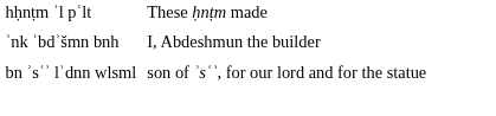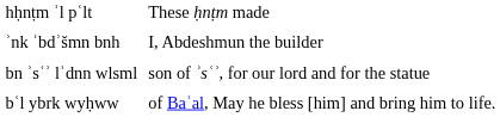 <table cellpadding="5" style="border-style:none; border-collapse:collapse; font-family: Aegean, 'MPH 2B Damase', Code2001, 'Free Sans';">
 <tr>
 <td align="right" style="font-size:130%;"></td>
 <td></td>
 <td>hḥnṭm ʾl pʿlt</td>
 <td>These <em>ḥnṭm</em> made</td>
 </tr>
 <tr>
 <td align="right" style="font-size:130%;"></td>
 <td></td>
 <td>ʾnk ʿbdʾšmn bnh</td>
 <td>I, Abdeshmun the builder</td>
 </tr>
 <tr>
 <td align="right" style="font-size:130%;"></td>
 <td></td>
 <td>bn ʾsʿʾ lʾdnn wlsml</td>
 <td>son of <em>ʾsʿʾ</em>, for our lord and for the statue</td>
 </tr>
+<tr>
+<td align="right" style="font-size:130%;"></td>
+<td></td>
+<td>bʿl ybrk wyḥww</td>
+<td>of <a href='#'>Baʿal</a>, May he bless [him] and bring him to life.</td>
+</tr>
 </table>
